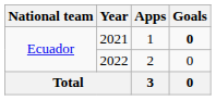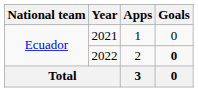 <table class=wikitable style=text-align:center>
 <tr>
 <th>National team</th>
 <th>Year</th>
 <th>Apps</th>
 <th>Goals</th>
 </tr>
 <tr>
 <td rowspan="2"><a href='#'>Ecuador</a></td>
 <td>2021</td>
 <td>1</td>
-<td><strong>0</strong></td>
+<td>0</td>
 </tr>
 <tr>
 <td>2022</td>
 <td>2</td>
-<td>0</td>
+<td><strong>0</strong></td>
 </tr>
 <tr>
 <th colspan="2">Total</th>
 <th>3</th>
 <th>0</th>
 </tr>
 </table>
